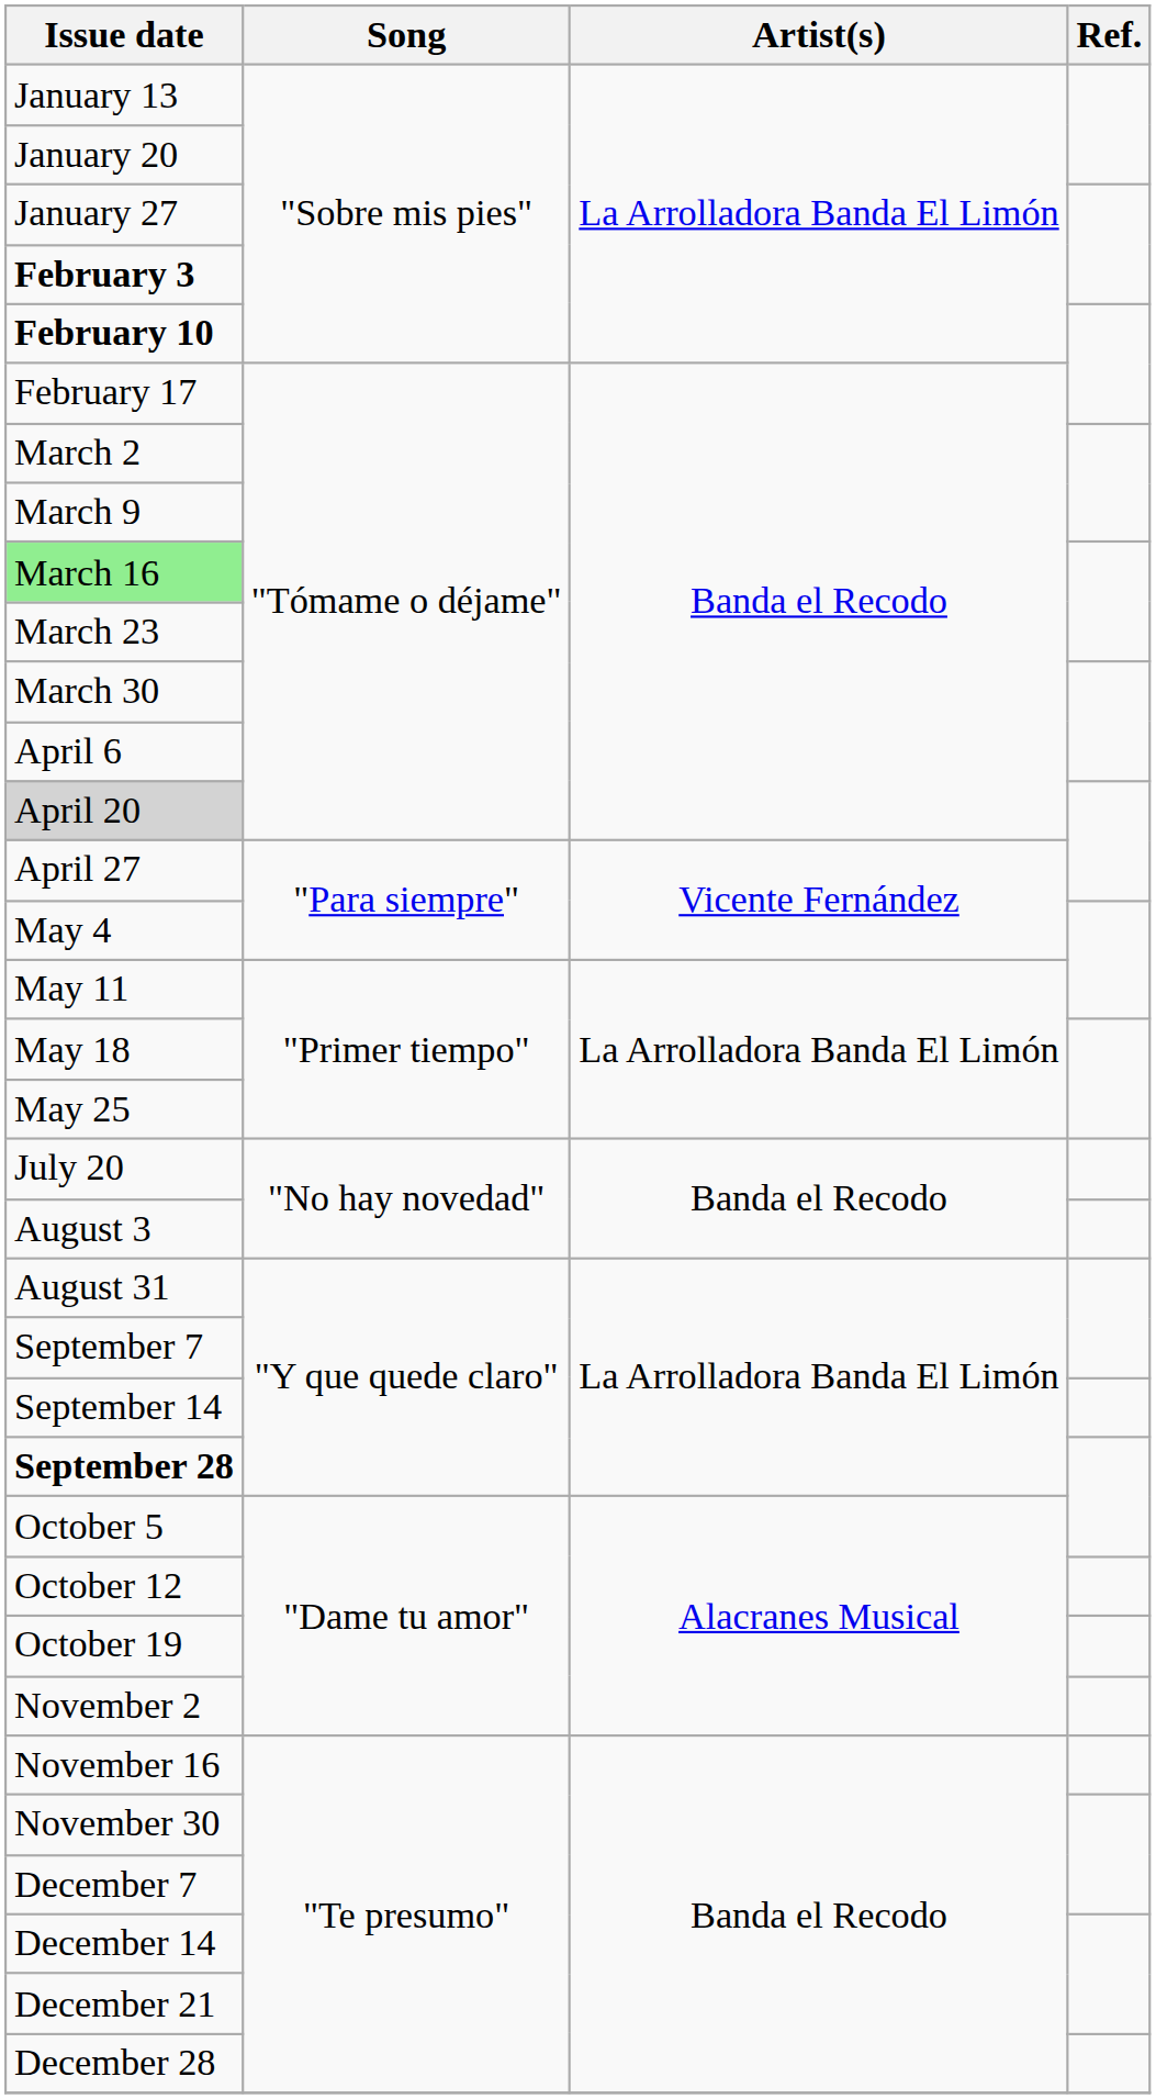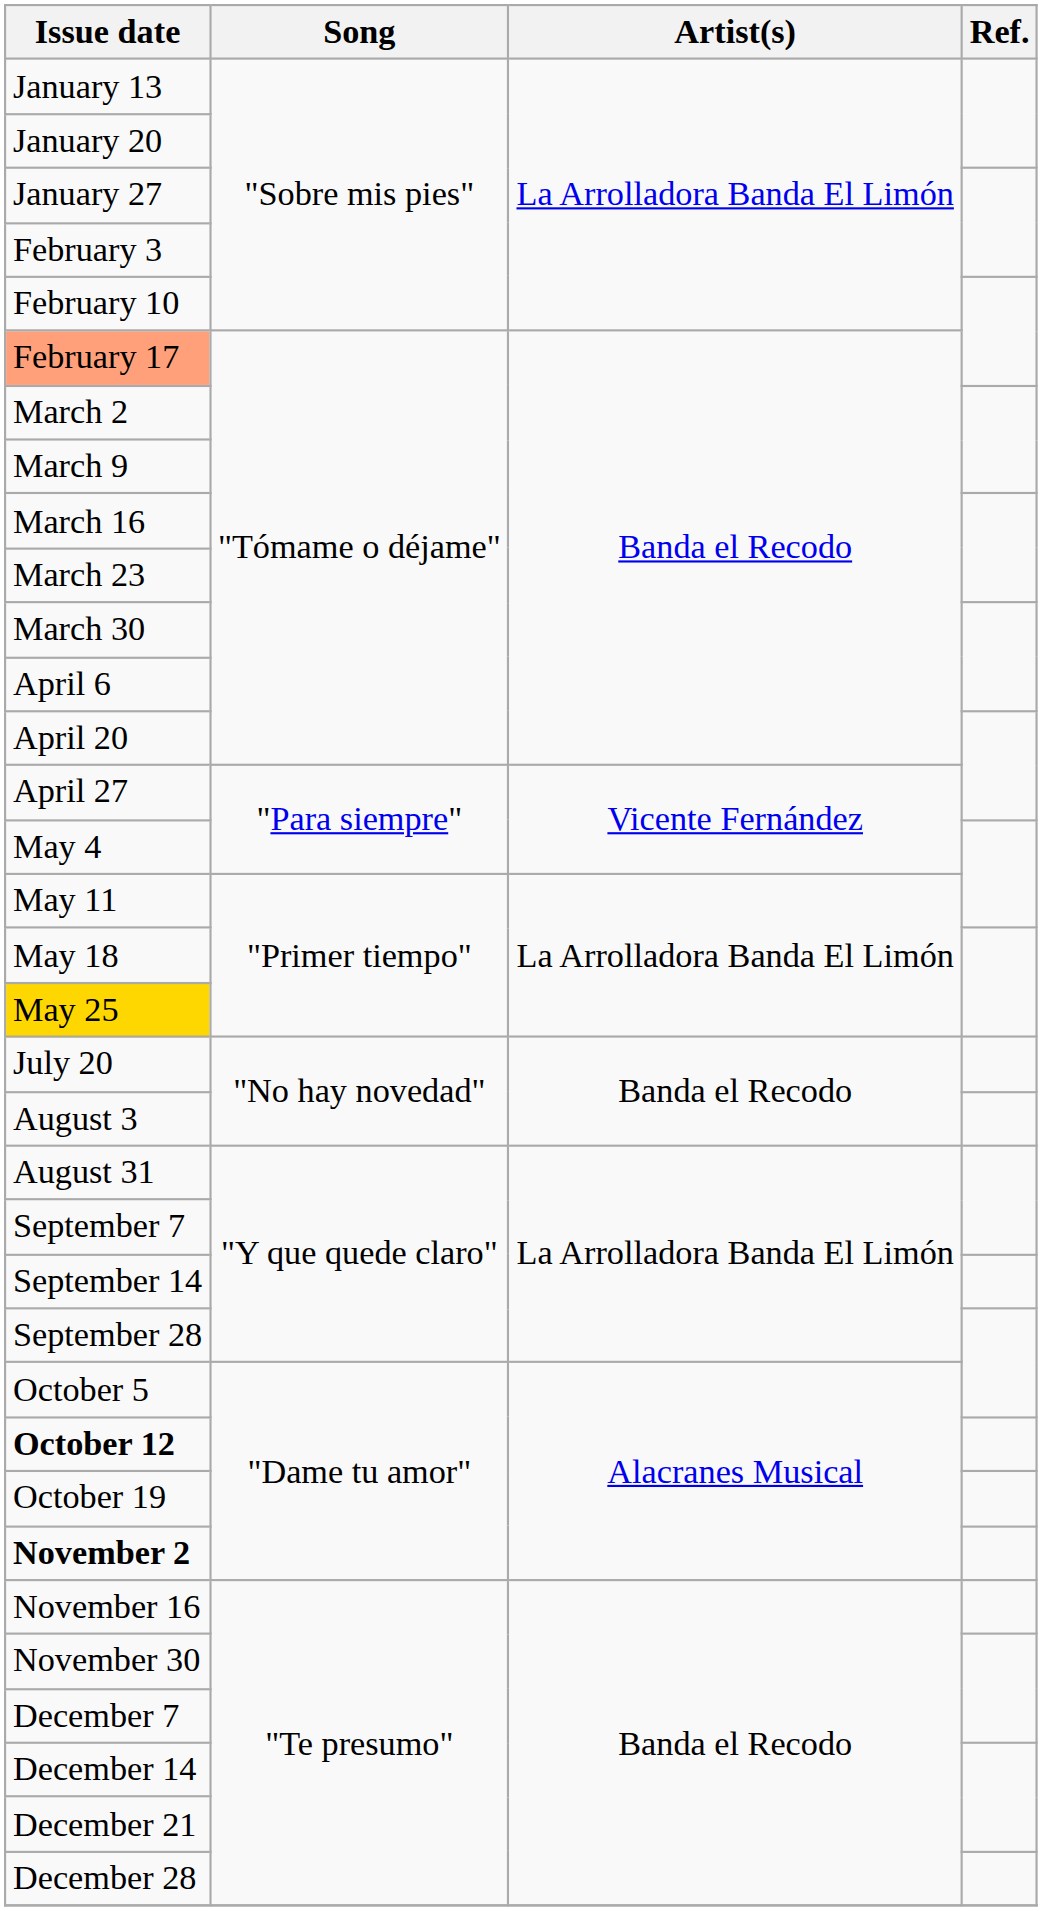 <table class="wikitable">
 <tr>
 <th>Issue date</th>
 <th>Song</th>
 <th>Artist(s)</th>
 <th>Ref.</th>
 </tr>
 <tr>
 <td>January 13</td>
 <td style="text-align: center;" rowspan="5">"Sobre mis pies"</td>
 <td style="text-align: center;" rowspan="5"><a href='#'>La Arrolladora Banda El Limón</a></td>
 <td style="text-align: center;" rowspan="2"></td>
 </tr>
 <tr>
 <td>January 20</td>
 </tr>
 <tr>
 <td>January 27</td>
 <td style="text-align: center;" rowspan="2"></td>
 </tr>
 <tr>
-<td><strong>February 3</strong></td>
+<td>February 3</td>
 </tr>
 <tr>
-<td><strong>February 10</strong></td>
+<td>February 10</td>
 <td style="text-align: center;" rowspan="2"></td>
 </tr>
 <tr>
-<td>February 17</td>
+<td style="background: lightsalmon;">February 17</td>
 <td style="text-align: center;" rowspan="8">"Tómame o déjame"</td>
 <td style="text-align: center;" rowspan="8"><a href='#'>Banda el Recodo</a></td>
 </tr>
 <tr>
 <td>March 2</td>
 <td style="text-align: center;" rowspan="2"></td>
 </tr>
 <tr>
 <td>March 9</td>
 </tr>
 <tr>
-<td style="background: lightgreen;">March 16</td>
+<td>March 16</td>
 <td style="text-align: center;" rowspan="2"></td>
 </tr>
 <tr>
 <td>March 23</td>
 </tr>
 <tr>
 <td>March 30</td>
 <td style="text-align: center;" rowspan="2"></td>
 </tr>
 <tr>
 <td>April 6</td>
 </tr>
 <tr>
-<td style="background: lightgrey;">April 20</td>
+<td>April 20</td>
 <td style="text-align: center;" rowspan="2"></td>
 </tr>
 <tr>
 <td>April 27</td>
 <td style="text-align: center;" rowspan="2">"<a href='#'>Para siempre</a>"</td>
 <td style="text-align: center;" rowspan="2"><a href='#'>Vicente Fernández</a></td>
 </tr>
 <tr>
 <td>May 4</td>
 <td style="text-align: center;" rowspan="2"></td>
 </tr>
 <tr>
 <td>May 11</td>
 <td style="text-align: center;" rowspan="3">"Primer tiempo"</td>
 <td style="text-align: center;" rowspan="3">La Arrolladora Banda El Limón</td>
 </tr>
 <tr>
 <td>May 18</td>
 <td style="text-align: center;" rowspan="2"></td>
 </tr>
 <tr>
-<td>May 25</td>
+<td style="background: gold;">May 25</td>
 </tr>
 <tr>
 <td>July 20</td>
 <td style="text-align: center;" rowspan="2">"No hay novedad"</td>
 <td style="text-align: center;" rowspan="2">Banda el Recodo</td>
 <td style="text-align: center;"></td>
 </tr>
 <tr>
 <td>August 3</td>
 <td style="text-align: center;" rowspan="1"></td>
 </tr>
 <tr>
 <td>August 31</td>
 <td style="text-align: center;" rowspan="4">"Y que quede claro"</td>
 <td style="text-align: center;" rowspan="4">La Arrolladora Banda El Limón</td>
 <td style="text-align: center;" rowspan="2"></td>
 </tr>
 <tr>
 <td>September 7</td>
 </tr>
 <tr>
 <td>September 14</td>
 <td style="text-align: center;" rowspan="1"></td>
 </tr>
 <tr>
-<td><strong>September 28</strong></td>
+<td>September 28</td>
 <td style="text-align: center;" rowspan="2"></td>
 </tr>
 <tr>
 <td>October 5</td>
 <td style="text-align: center;" rowspan="4">"Dame tu amor"</td>
 <td style="text-align: center;" rowspan="4"><a href='#'>Alacranes Musical</a></td>
 </tr>
 <tr>
-<td>October 12</td>
+<td><strong>October 12</strong></td>
 <td style="text-align: center;"></td>
 </tr>
 <tr>
 <td>October 19</td>
 <td style="text-align: center;"></td>
 </tr>
 <tr>
-<td>November 2</td>
+<td><strong>November 2</strong></td>
 <td style="text-align: center;" rowspan="1"></td>
 </tr>
 <tr>
 <td>November 16</td>
 <td style="text-align: center;" rowspan="6">"Te presumo"</td>
 <td style="text-align: center;" rowspan="6">Banda el Recodo</td>
 <td style="text-align: center;" rowspan="1"></td>
 </tr>
 <tr>
 <td>November 30</td>
 <td style="text-align: center;" rowspan="2"></td>
 </tr>
 <tr>
 <td>December 7</td>
 </tr>
 <tr>
 <td>December 14</td>
 <td style="text-align: center;" rowspan="2"></td>
 </tr>
 <tr>
 <td>December 21</td>
 </tr>
 <tr>
 <td>December 28</td>
 <td style="text-align: center;"></td>
 </tr>
 <tr>
 </tr>
 </table>
